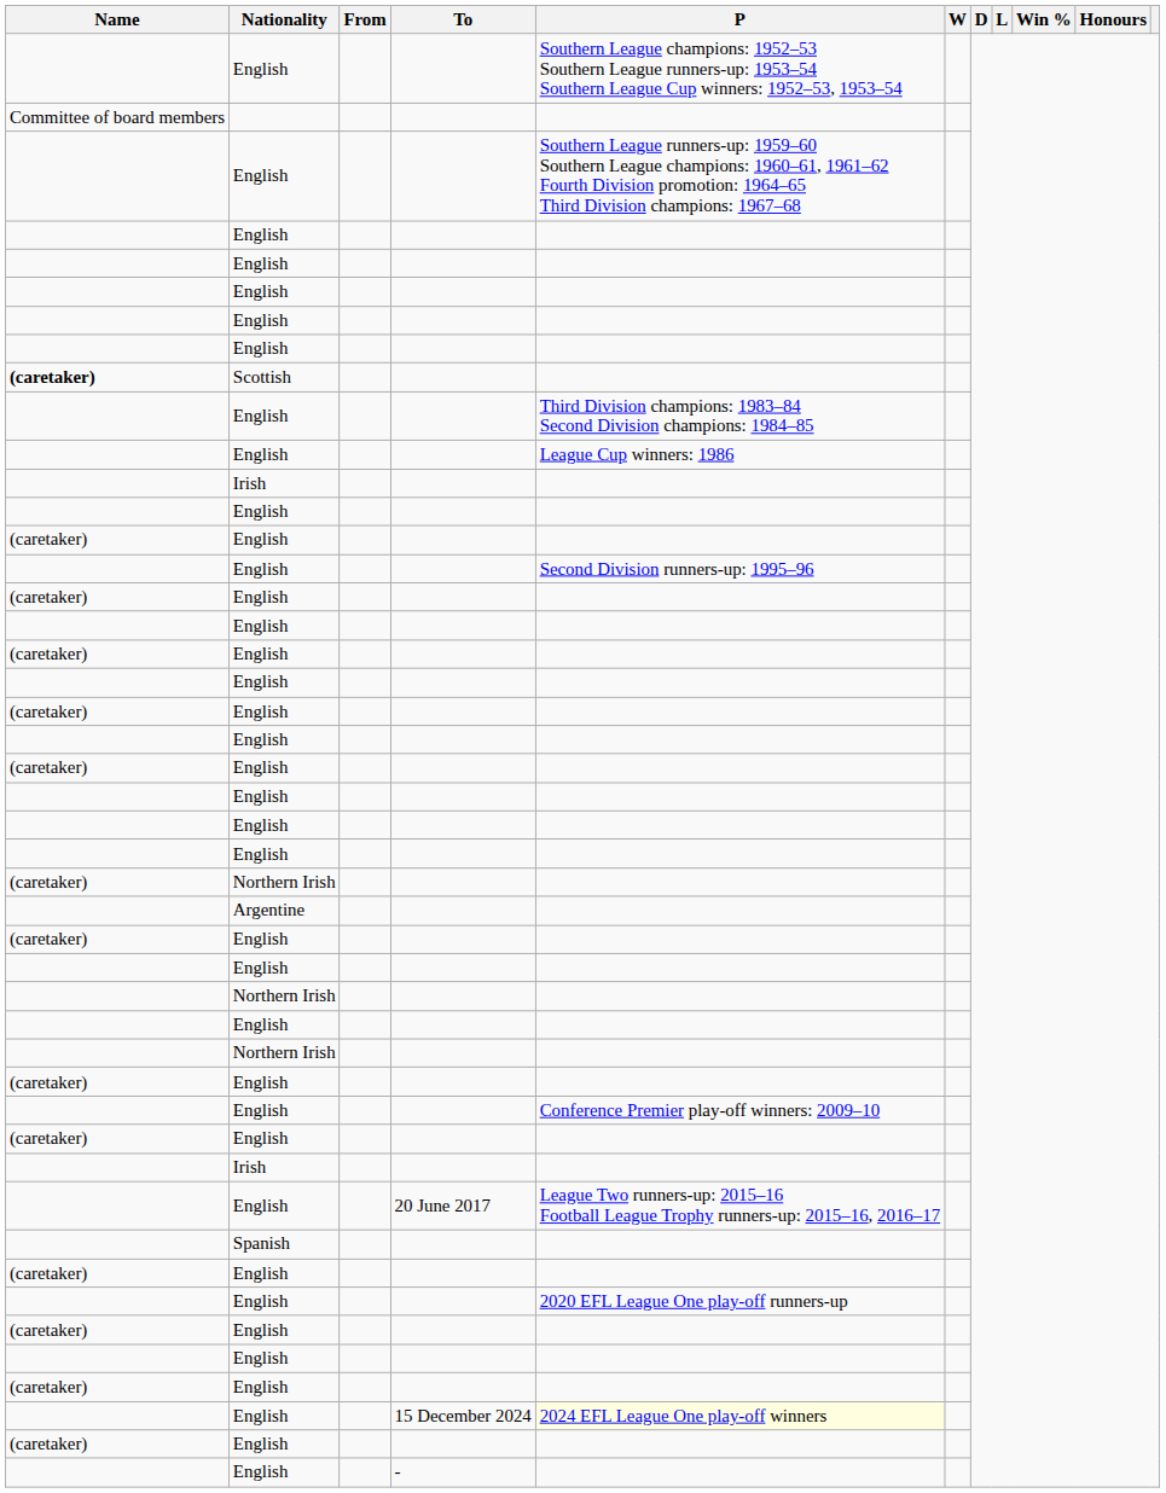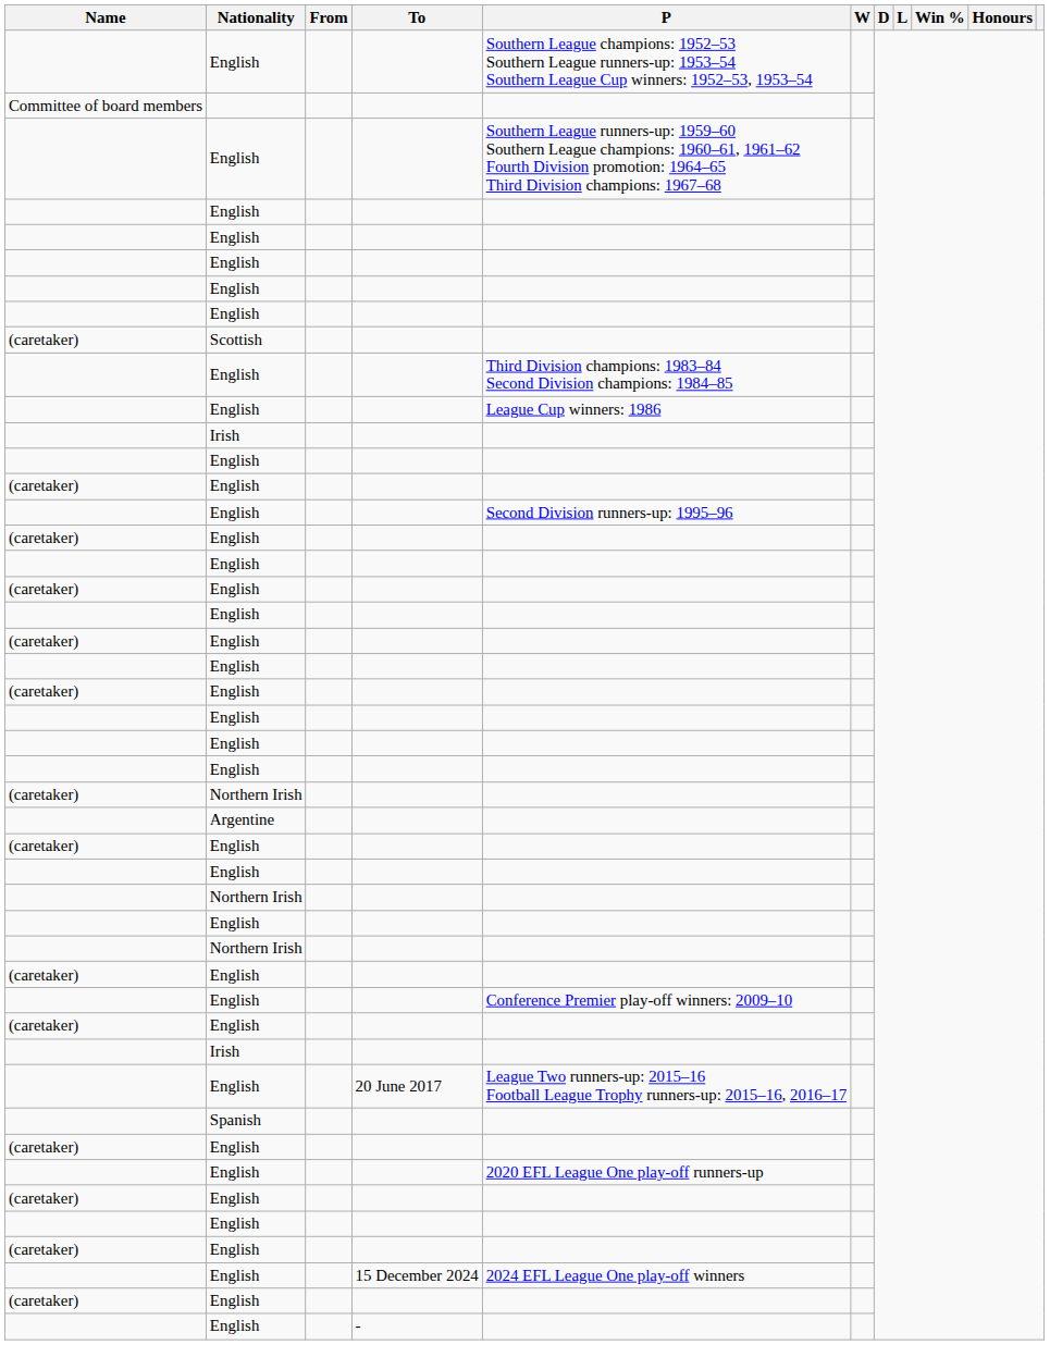 <table class="wikitable sortable" style="text-align:center">
 <tr>
 <th>Name</th>
 <th>Nationality</th>
 <th>From</th>
 <th>To</th>
 <th>P</th>
 <th>W</th>
 <th>D</th>
 <th>L</th>
 <th>Win %</th>
 <th class="unsortable">Honours</th>
 <th class="unsortable"></th>
 </tr>
 <tr>
 <td align=left></td>
 <td align=left>English</td>
 <td align=left></td>
 <td align=left><br></td>
 <td align=left><a href='#'>Southern League</a> champions: <a href='#'>1952–53</a><br>Southern League runners-up: <a href='#'>1953–54</a><br><a href='#'>Southern League Cup</a> winners: <a href='#'>1952–53</a>, <a href='#'>1953–54</a></td>
 <td align=center></td>
 </tr>
 <tr>
 <td align=left>Committee of board members</td>
 <td align=left></td>
 <td align=left></td>
 <td align=left><br></td>
 <td align=left></td>
 <td align=center></td>
 </tr>
 <tr>
 <td align=left></td>
 <td align=left>English</td>
 <td align=left></td>
 <td align=left><br></td>
 <td align=left><a href='#'>Southern League</a> runners-up: <a href='#'>1959–60</a><br>Southern League champions: <a href='#'>1960–61</a>, <a href='#'>1961–62</a><br><a href='#'>Fourth Division</a> promotion: <a href='#'>1964–65</a><br><a href='#'>Third Division</a> champions: <a href='#'>1967–68</a></td>
 <td align=center></td>
 </tr>
 <tr>
 <td align=left></td>
 <td align=left>English</td>
 <td align=left></td>
 <td align=left><br></td>
 <td align=left></td>
 <td align=center></td>
 </tr>
 <tr>
 <td align=left></td>
 <td align=left>English</td>
 <td align=left></td>
 <td align=left><br></td>
 <td align=left></td>
 <td align=center></td>
 </tr>
 <tr>
 <td align=left></td>
 <td align=left>English</td>
 <td align=left></td>
 <td align=left><br></td>
 <td align=left></td>
 <td align=center></td>
 </tr>
 <tr>
 <td align=left></td>
 <td align=left>English</td>
 <td align=left></td>
 <td align=left><br></td>
 <td align=left></td>
 <td align=center></td>
 </tr>
 <tr>
 <td align=left></td>
 <td align=left>English</td>
 <td align=left></td>
 <td align=left><br></td>
 <td align=left></td>
 <td align=center></td>
 </tr>
 <tr>
-<td align=left><strong> (caretaker)</strong></td>
+<td align=left> (caretaker)</td>
 <td align=left>Scottish</td>
 <td align=left></td>
 <td align=left><br></td>
 <td align=left></td>
 <td align=center></td>
 </tr>
 <tr>
 <td align=left></td>
 <td align=left>English</td>
 <td align=left></td>
 <td align=left><br></td>
 <td align=left><a href='#'>Third Division</a> champions: <a href='#'>1983–84</a><br><a href='#'>Second Division</a> champions: <a href='#'>1984–85</a></td>
 <td align=center></td>
 </tr>
 <tr>
 <td align=left></td>
 <td align=left>English</td>
 <td align=left></td>
 <td align=left><br></td>
 <td align=left><a href='#'>League Cup</a> winners: <a href='#'>1986</a></td>
 <td align=center></td>
 </tr>
 <tr>
 <td align=left></td>
 <td align=left>Irish</td>
 <td align=left></td>
 <td align=left><br></td>
 <td align=left></td>
 <td align=center></td>
 </tr>
 <tr>
 <td align=left></td>
 <td align=left>English</td>
 <td align=left></td>
 <td align=left><br></td>
 <td align=left></td>
 <td align=center></td>
 </tr>
 <tr>
 <td align=left> (caretaker)</td>
 <td align=left>English</td>
 <td align=left></td>
 <td align=left><br></td>
 <td align=left></td>
 <td align=center></td>
 </tr>
 <tr>
 <td align=left></td>
 <td align=left>English</td>
 <td align=left></td>
 <td align=left><br></td>
 <td align=left><a href='#'>Second Division</a> runners-up: <a href='#'>1995–96</a></td>
 <td align=center></td>
 </tr>
 <tr>
 <td align=left> (caretaker)</td>
 <td align=left>English</td>
 <td align=left></td>
 <td align=left><br></td>
 <td align=left></td>
 <td align=center></td>
 </tr>
 <tr>
 <td align=left></td>
 <td align=left>English</td>
 <td align=left></td>
 <td align=left><br></td>
 <td align=left></td>
 <td align=center></td>
 </tr>
 <tr>
 <td align=left> (caretaker)</td>
 <td align=left>English</td>
 <td align=left></td>
 <td align=left><br></td>
 <td align=left></td>
 <td align=center></td>
 </tr>
 <tr>
 <td align=left></td>
 <td align=left>English</td>
 <td align=left></td>
 <td align=left><br></td>
 <td align=left></td>
 <td align=center></td>
 </tr>
 <tr>
 <td align=left> (caretaker)</td>
 <td align=left>English</td>
 <td align=left></td>
 <td align=left><br></td>
 <td align=left></td>
 <td align=center></td>
 </tr>
 <tr>
 <td align=left></td>
 <td align=left>English</td>
 <td align=left></td>
 <td align=left><br></td>
 <td align=left></td>
 <td align=center></td>
 </tr>
 <tr>
 <td align=left> (caretaker)</td>
 <td align=left>English</td>
 <td align=left></td>
 <td align=left><br></td>
 <td align=left></td>
 <td align=center></td>
 </tr>
 <tr>
 <td align=left></td>
 <td align=left>English</td>
 <td align=left></td>
 <td align=left><br></td>
 <td align=left></td>
 <td align=center></td>
 </tr>
 <tr>
 <td align=left></td>
 <td align=left>English</td>
 <td align=left></td>
 <td align=left><br></td>
 <td align=left></td>
 <td align=center></td>
 </tr>
 <tr>
 <td align=left></td>
 <td align=left>English</td>
 <td align=left></td>
 <td align=left><br></td>
 <td align=left></td>
 <td align=center></td>
 </tr>
 <tr>
 <td align=left> (caretaker)</td>
 <td align=left>Northern Irish</td>
 <td align=left></td>
 <td align=left><br></td>
 <td align=left></td>
 <td align=center></td>
 </tr>
 <tr>
 <td align=left></td>
 <td align=left>Argentine</td>
 <td align=left></td>
 <td align=left><br></td>
 <td align=left></td>
 <td align=center></td>
 </tr>
 <tr>
 <td align=left> (caretaker)</td>
 <td align=left>English</td>
 <td align=left></td>
 <td align=left><br></td>
 <td align=left></td>
 <td align=center></td>
 </tr>
 <tr>
 <td align=left></td>
 <td align=left>English</td>
 <td align=left></td>
 <td align=left><br></td>
 <td align=left></td>
 <td align=center></td>
 </tr>
 <tr>
 <td align=left></td>
 <td align=left>Northern Irish</td>
 <td align=left></td>
 <td align=left><br></td>
 <td align=left></td>
 <td align=center></td>
 </tr>
 <tr>
 <td align=left></td>
 <td align=left>English</td>
 <td align=left></td>
 <td align=left><br></td>
 <td align=left></td>
 <td align=center></td>
 </tr>
 <tr>
 <td align=left></td>
 <td align=left>Northern Irish</td>
 <td align=left></td>
 <td align=left><br></td>
 <td align=left></td>
 <td align=center></td>
 </tr>
 <tr>
 <td align=left> (caretaker)</td>
 <td align=left>English</td>
 <td align=left></td>
 <td align=left><br></td>
 <td align=left></td>
 <td align=center></td>
 </tr>
 <tr>
 <td align=left></td>
 <td align=left>English</td>
 <td align=left></td>
 <td align=left><br></td>
 <td align=left><a href='#'>Conference Premier</a> play-off winners: <a href='#'>2009–10</a></td>
 <td align=center></td>
 </tr>
 <tr>
 <td align=left> (caretaker)</td>
 <td align=left>English</td>
 <td align=left></td>
 <td align=left><br></td>
 <td align=left></td>
 <td align=center></td>
 </tr>
 <tr>
 <td align=left></td>
 <td align=left>Irish</td>
 <td align=left></td>
 <td align=left><br></td>
 <td align=left></td>
 <td align=center></td>
 </tr>
 <tr>
 <td align=left></td>
 <td align=left>English</td>
 <td align=left></td>
 <td align=left>20 June 2017<br></td>
 <td align=left><a href='#'>League Two</a> runners-up: <a href='#'>2015–16</a><br><a href='#'>Football League Trophy</a> runners-up: <a href='#'>2015–16</a>, <a href='#'>2016–17</a></td>
 <td align=center></td>
 </tr>
 <tr>
 <td align=left></td>
 <td align=left>Spanish</td>
 <td align=left></td>
 <td align=left><br></td>
 <td align=left></td>
 <td align=center></td>
 </tr>
 <tr>
 <td align=left> (caretaker)</td>
 <td align=left>English</td>
 <td align=left></td>
 <td align=left><br></td>
 <td align=left></td>
 <td align=center></td>
 </tr>
 <tr>
 <td align=left></td>
 <td align=left>English</td>
 <td align=left></td>
 <td align=left><br></td>
 <td align=left><a href='#'>2020 EFL League One play-off</a> runners-up</td>
 <td align=center></td>
 </tr>
 <tr>
 <td align=left> (caretaker)</td>
 <td align=left>English</td>
 <td align=left></td>
 <td align=left><br></td>
 <td align=left></td>
 <td align=center></td>
 </tr>
 <tr>
 <td align=left></td>
 <td align=left>English</td>
 <td align=left></td>
 <td align=left><br></td>
 <td align=left></td>
 <td align=center></td>
 </tr>
 <tr>
 <td align=left> (caretaker)</td>
 <td align=left>English</td>
 <td align=left></td>
 <td align=left><br></td>
 <td align=left></td>
 <td align=center></td>
 </tr>
 <tr>
 <td align="left"></td>
 <td align="left">English</td>
 <td align="left"></td>
 <td align="left">15 December 2024<br></td>
-<td align="left" style="background: lightyellow;"><a href='#'>2024 EFL League One play-off</a> winners</td>
+<td align="left"><a href='#'>2024 EFL League One play-off</a> winners</td>
 <td align="center"></td>
 </tr>
 <tr>
 <td align=left> (caretaker)</td>
 <td align=left>English</td>
 <td align=left></td>
 <td align=left><br></td>
 <td align=left></td>
 <td align=center></td>
 </tr>
 <tr>
 <td align="left"></td>
 <td align="left">English</td>
 <td align="left"></td>
 <td align="left">-<br></td>
 <td align="left"></td>
 <td align="center"></td>
 </tr>
 </table>
